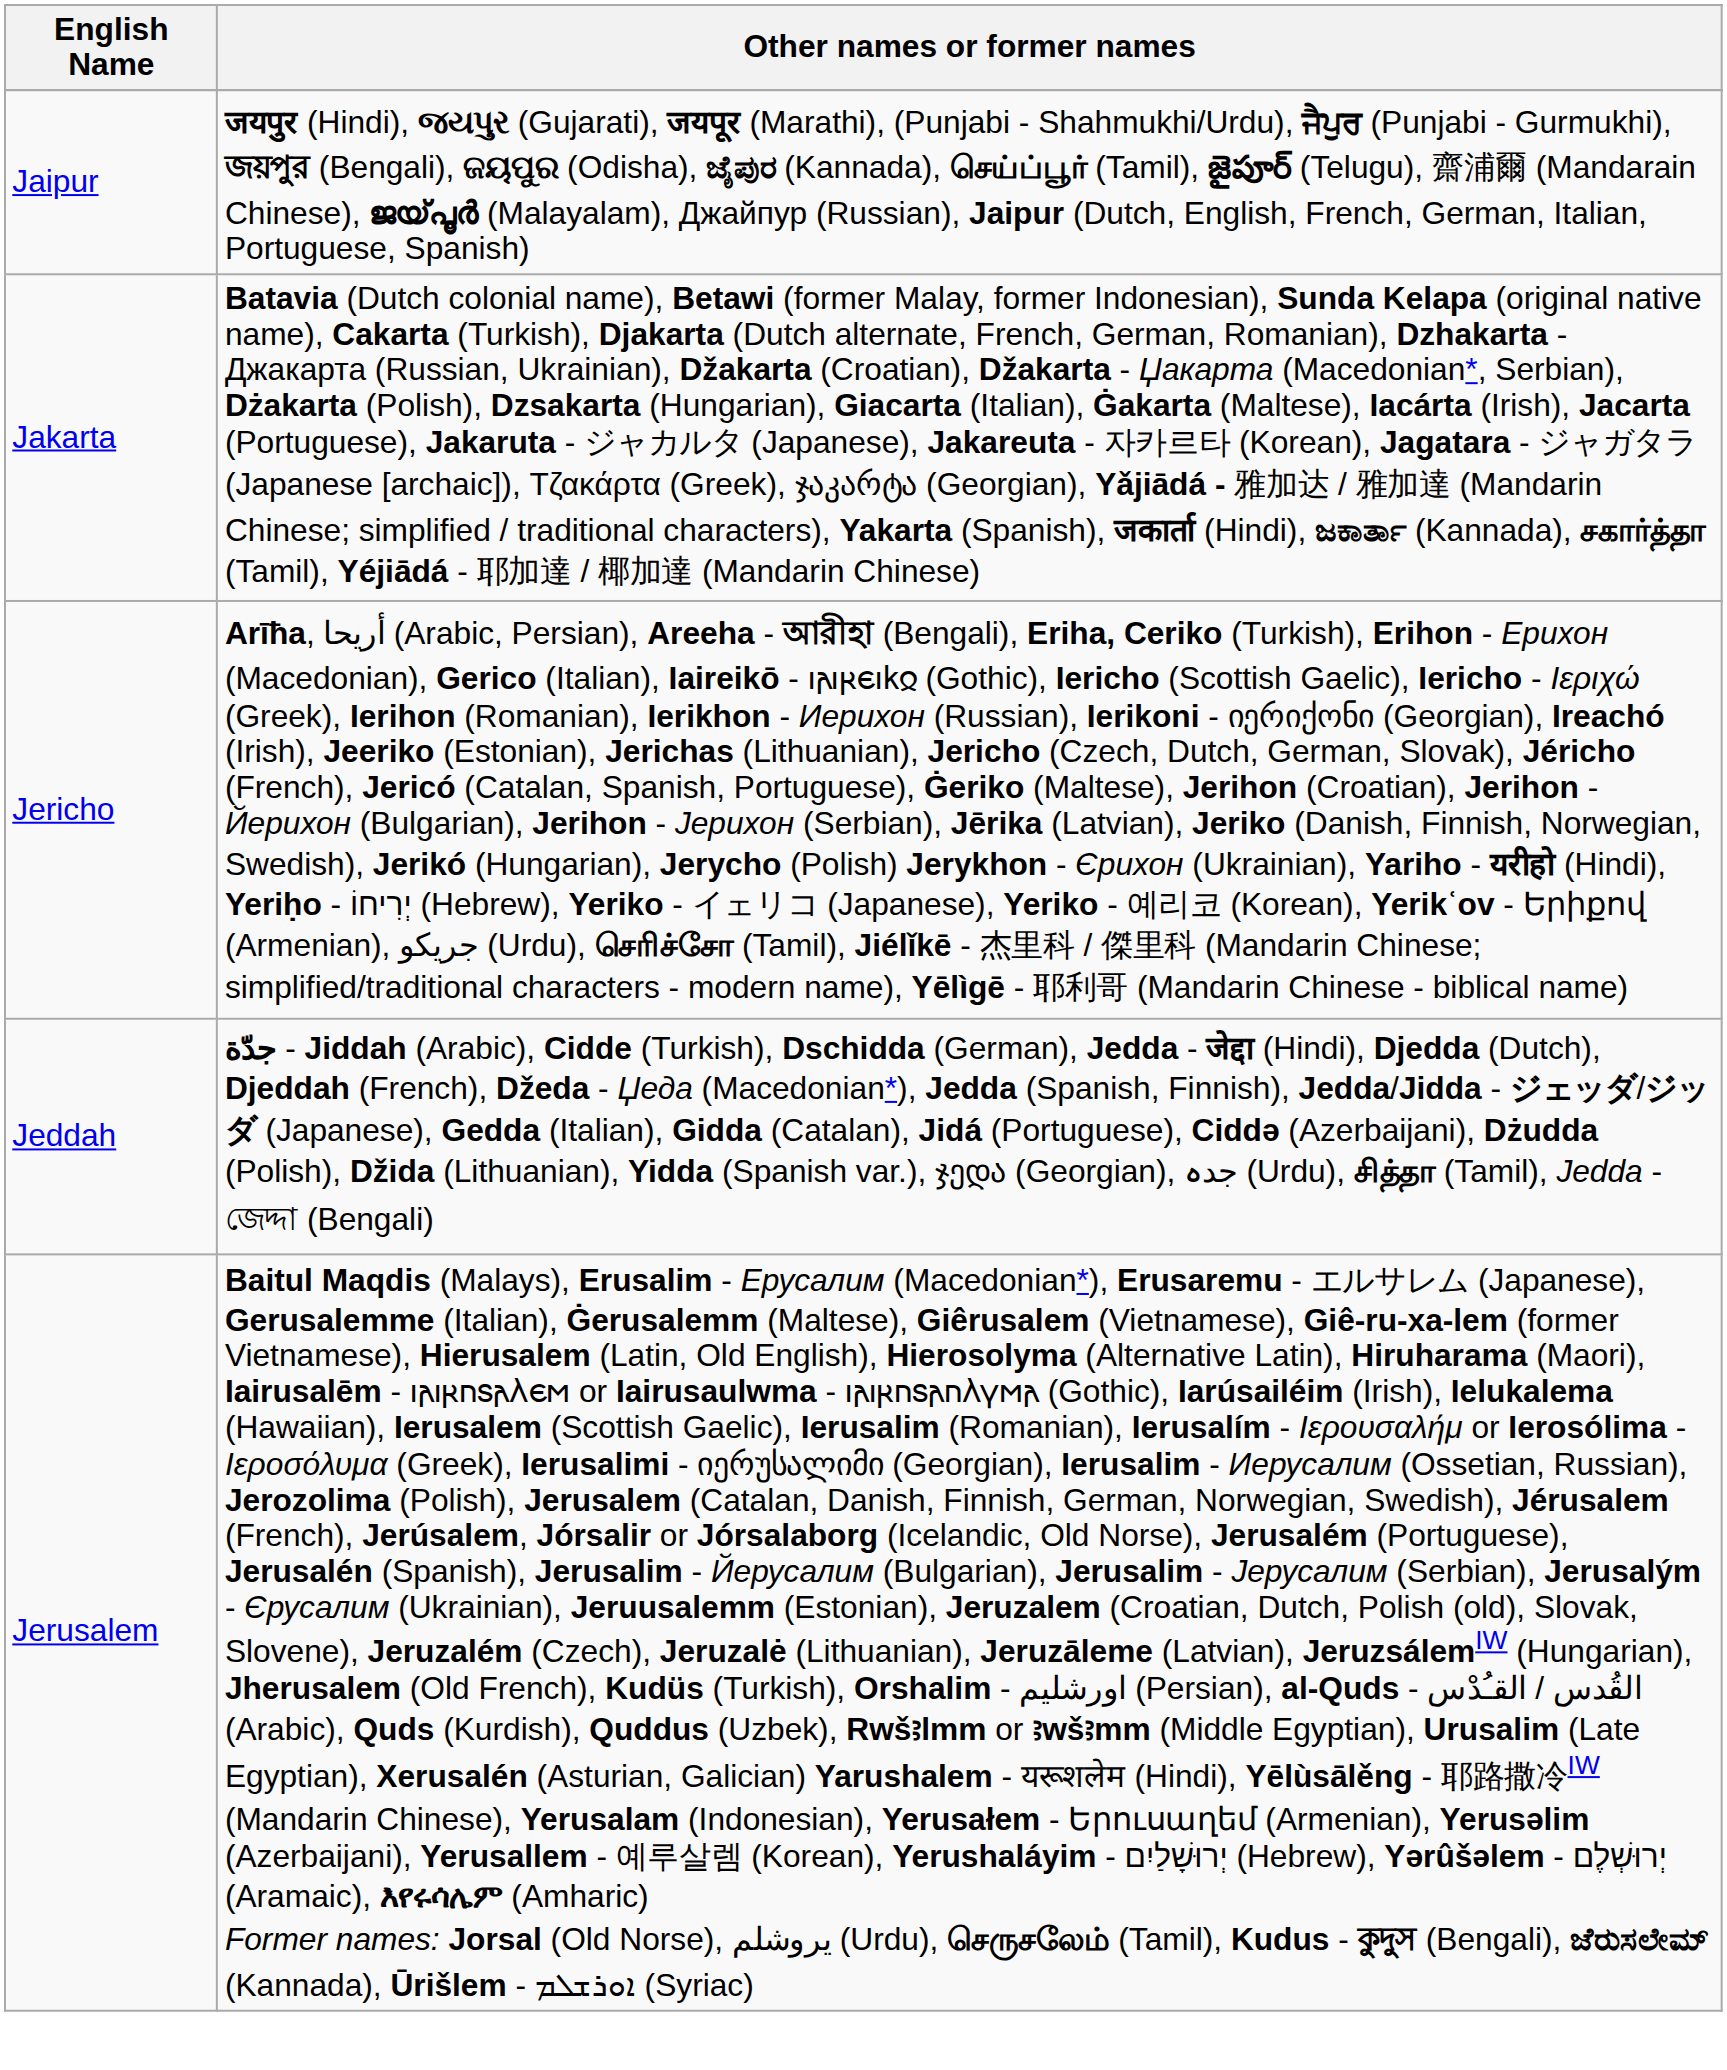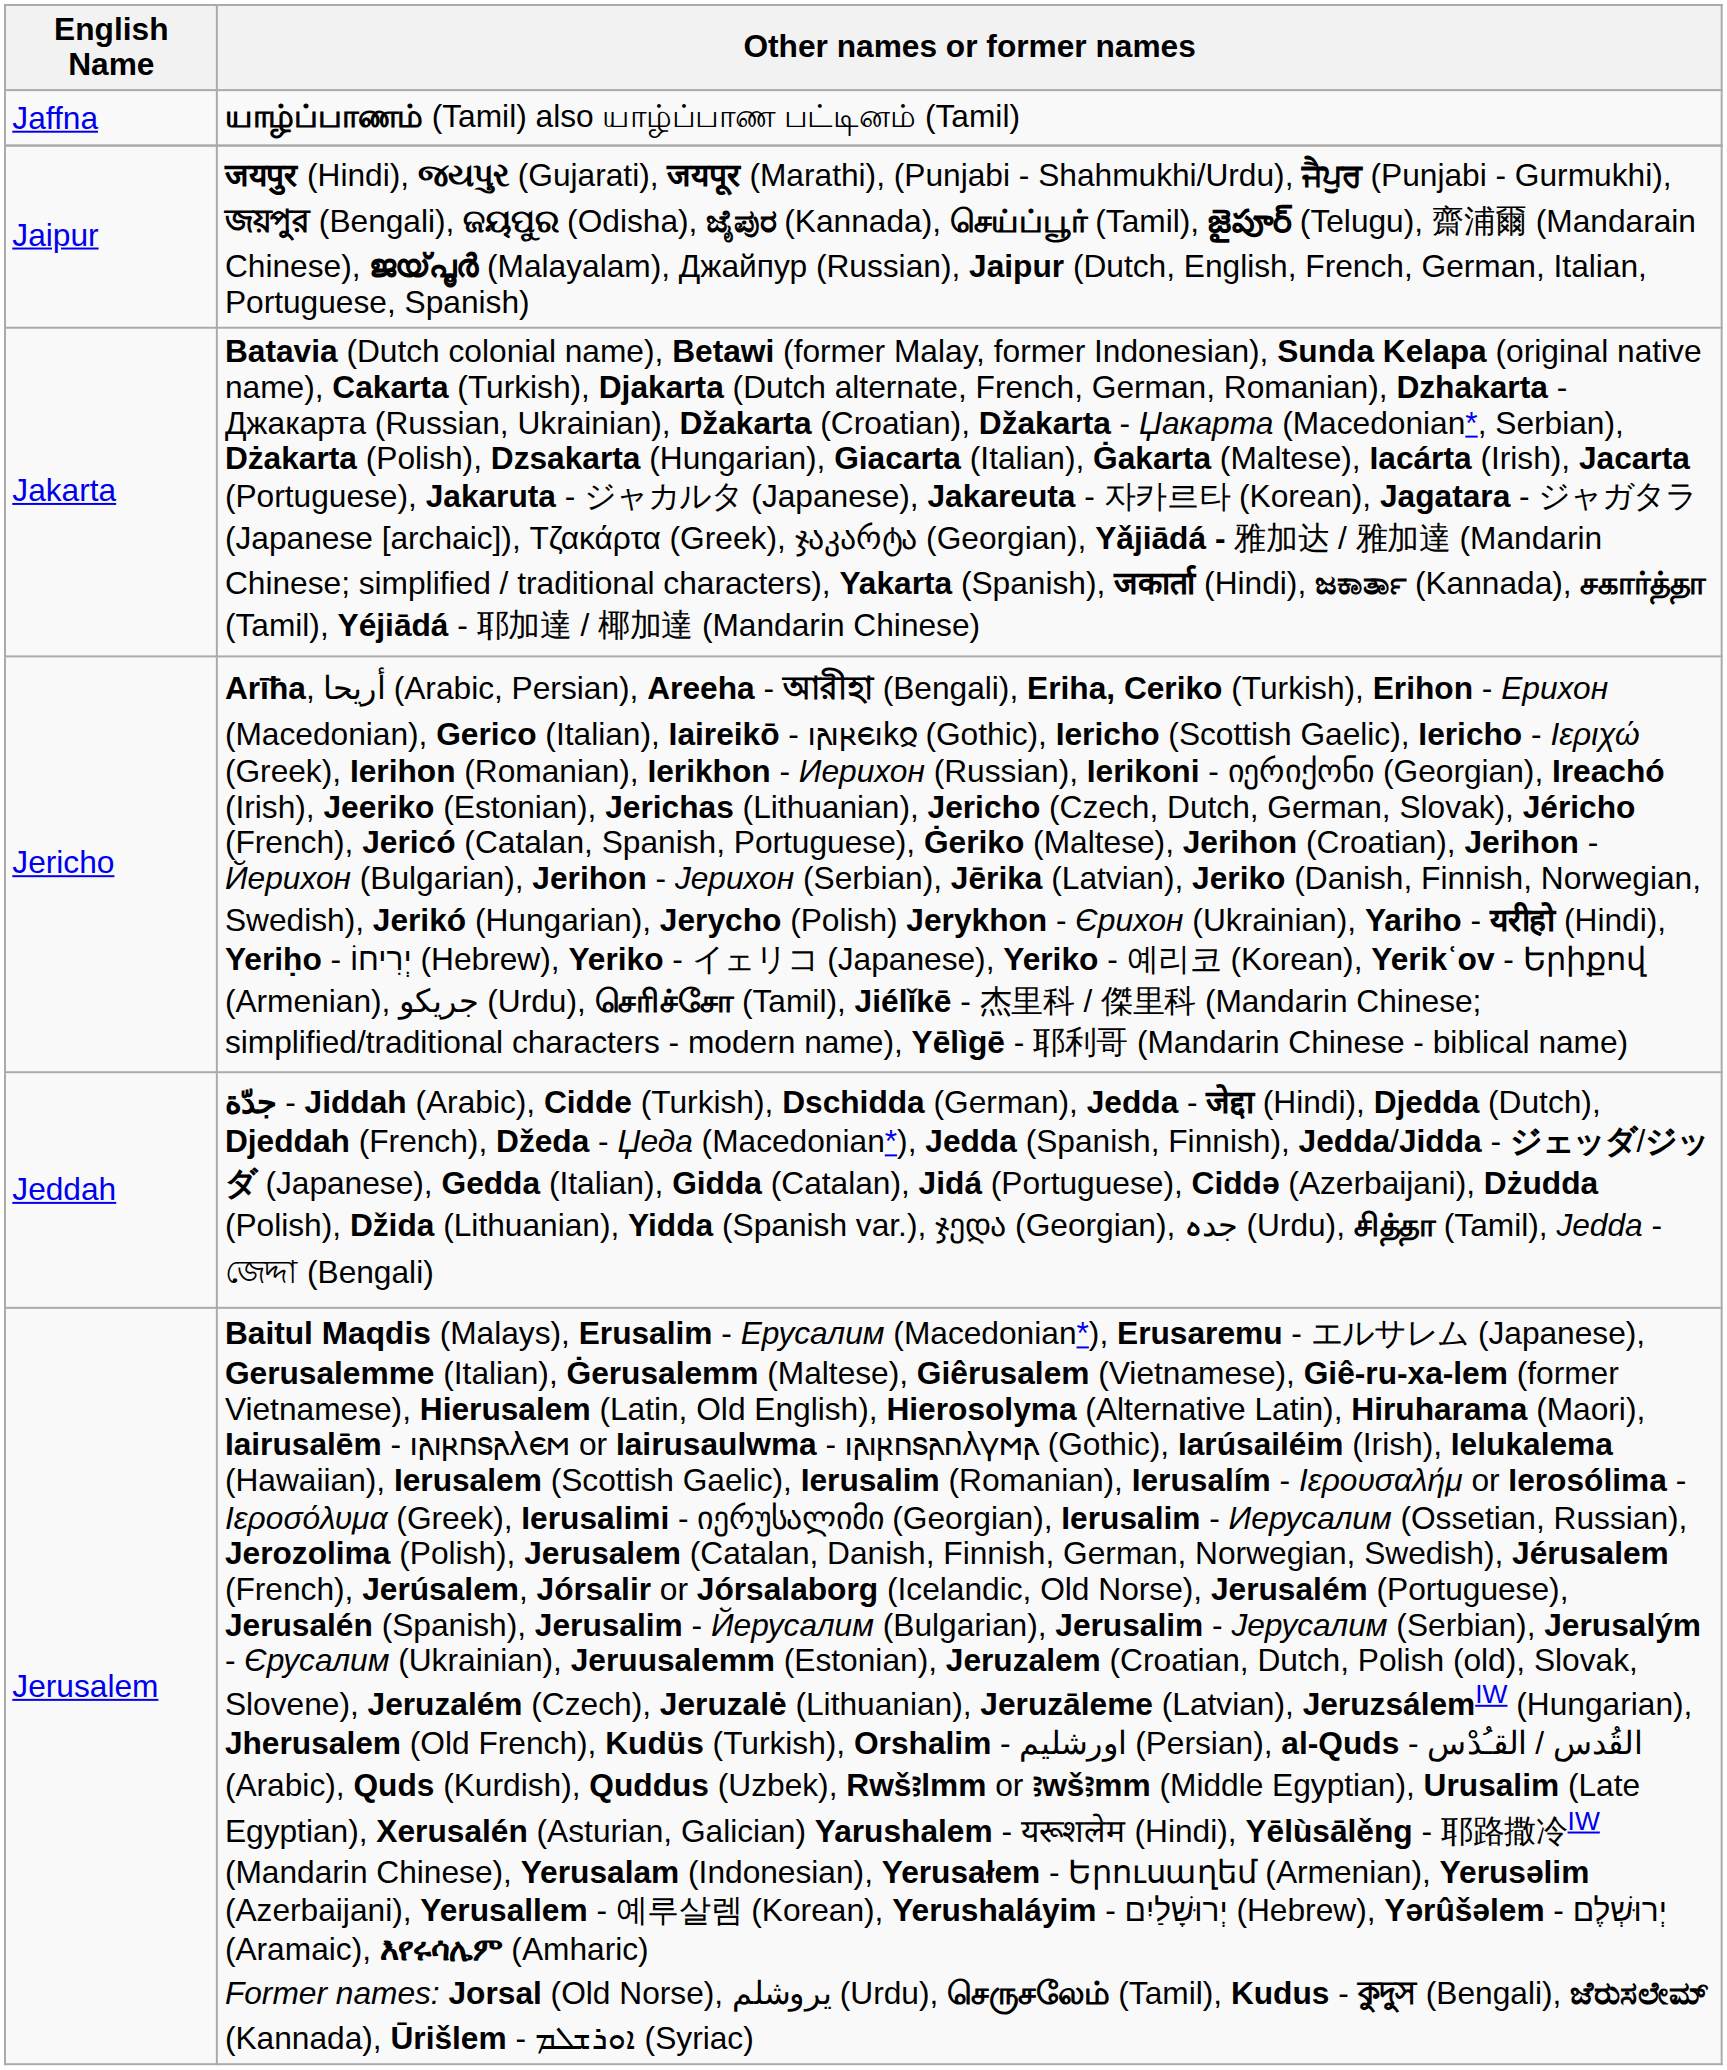 <table class="wikitable">
 <tr>
 <th style="width:100px;">English Name</th>
 <th>Other names or former names</th>
+</tr>
+<tr>
+<td> <a href='#'>Jaffna</a></td>
+<td><strong>யாழ்ப்பாணம்</strong> (Tamil) also யாழ்ப்பாண பட்டினம் (Tamil)</td>
 </tr>
 <tr>
 </tr>
 <tr>
 <td> <a href='#'>Jaipur</a></td>
 <td><strong>जयपुर</strong> (Hindi), <strong>જયપુર</strong> (Gujarati), <strong>जयपूर</strong> (Marathi),  (Punjabi - Shahmukhi/Urdu), <strong>ਜੈਪੁਰ</strong> (Punjabi - Gurmukhi), <strong>জয়পুর</strong> (Bengali), <strong>ଜୟପୁର</strong> (Odisha), <strong>ಜೈಪುರ</strong> (Kannada), <strong>செய்ப்பூர்</strong> (Tamil), <strong>జైపూర్</strong> (Telugu), 齋浦爾 (Mandarain Chinese), <strong>ജയ്‌പൂർ</strong> (Malayalam), Джайпур (Russian), <strong>Jaipur</strong> (Dutch, English, French, German, Italian, Portuguese, Spanish)</td>
 </tr>
 <tr>
 <td> <a href='#'>Jakarta</a></td>
 <td><strong>Batavia</strong> (Dutch colonial name), <strong>Betawi</strong> (former Malay, former Indonesian), <strong>Sunda Kelapa</strong> (original native name), <strong>Cakarta</strong> (Turkish), <strong>Djakarta</strong> (Dutch alternate, French, German, Romanian), <strong>Dzhakarta</strong> - Джакарта (Russian, Ukrainian), <strong>Džakarta</strong> (Croatian), <strong>Džakarta</strong> - <em>Џакарта</em> (Macedonian<a href='#'>*</a>, Serbian), <strong>Dżakarta</strong> (Polish), <strong>Dzsakarta</strong> (Hungarian), <strong>Giacarta</strong> (Italian), <strong>Ġakarta</strong> (Maltese), <strong>Iacárta</strong> (Irish), <strong>Jacarta</strong> (Portuguese), <strong>Jakaruta</strong> - ジャカルタ (Japanese), <strong>Jakareuta</strong> - 자카르타 (Korean), <strong>Jagatara</strong> - ジャガタラ (Japanese [archaic]), Τζακάρτα (Greek), ჯაკარტა (Georgian), <strong>Yǎjiādá -</strong> 雅加达 / 雅加達 (Mandarin Chinese; simplified / traditional characters), <strong>Yakarta</strong> (Spanish), <strong>जकार्ता</strong> (Hindi), <strong>ಜಕಾರ್ತಾ</strong> (Kannada), <strong>சகார்த்தா</strong> (Tamil), <strong>Yéjiādá</strong> - 耶加達 / 椰加達 (Mandarin Chinese)<br></td>
 </tr>
 <tr>
 <td> <a href='#'>Jericho</a></td>
 <td><strong>Arīħa</strong>, أريحا (Arabic, Persian), <strong>Areeha</strong> - <strong>আরীহা</strong> (Bengali), <strong>Eriha, Ceriko</strong> (Turkish), <strong>Erihon</strong> - <em>Ерихон</em> (Macedonian), <strong>Gerico</strong> (Italian), <strong>Iaireikō</strong> -  𐌹𐌰𐌹𐍂𐌴𐌹𐌺𐍉 (Gothic), <strong>Iericho</strong> (Scottish Gaelic), <strong>Iericho</strong> - <em>Ιεριχώ</em> (Greek), <strong>Ierihon</strong> (Romanian), <strong>Ierikhon</strong> - <em>Иерихон</em> (Russian), <strong>Ierikoni</strong> - იერიქონი (Georgian), <strong>Ireachó</strong> (Irish), <strong>Jeeriko</strong> (Estonian), <strong>Jerichas</strong> (Lithuanian), <strong>Jericho</strong> (Czech, Dutch, German, Slovak), <strong>Jéricho</strong> (French), <strong>Jericó</strong> (Catalan, Spanish, Portuguese), <strong>Ġeriko</strong> (Maltese), <strong>Jerihon</strong> (Croatian), <strong>Jerihon</strong> - <em>Йерихон</em> (Bulgarian), <strong>Jerihon</strong> - <em> Јерихон</em> (Serbian), <strong>Jērika</strong> (Latvian), <strong>Jeriko</strong> (Danish, Finnish, Norwegian, Swedish), <strong>Jerikó</strong> (Hungarian), <strong>Jerycho</strong> (Polish)  <strong>Jerykhon</strong> - <em>Єрихон</em> (Ukrainian), <strong>Yariho</strong> - <strong>यरीहो</strong> (Hindi), <strong>Yeriḥo</strong> - יְרִיחוֹ (Hebrew), <strong>Yeriko</strong> - イェリコ (Japanese), <strong>Yeriko</strong> - 예리코 (Korean), <strong>Yerikʿov</strong> - Երիքով (Armenian), جریکو (Urdu), <strong>செரிச்சோ</strong> (Tamil), <strong>Jiélǐkē</strong> - 杰里科 / 傑里科 (Mandarin Chinese; simplified/traditional characters - modern name), <strong>Yēlìgē</strong> - 耶利哥 (Mandarin Chinese - biblical name)</td>
 </tr>
 <tr>
 <td> <a href='#'>Jeddah</a></td>
 <td><strong>جدّة</strong> - <strong>Jiddah</strong> (Arabic), <strong>Cidde</strong> (Turkish), <strong>Dschidda</strong> (German), <strong>Jedda</strong> - <strong>जेद्दा</strong> (Hindi), <strong>Djedda</strong> (Dutch), <strong>Djeddah</strong> (French), <strong>Džeda</strong> - <em>Џеда</em> (Macedonian<a href='#'>*</a>), <strong>Jedda</strong> (Spanish, Finnish), <strong>Jedda</strong>/<strong>Jidda</strong> - <strong>ジェッダ</strong>/<strong>ジッダ</strong> (Japanese), <strong>Gedda</strong> (Italian), <strong>Gidda</strong> (Catalan), <strong>Jidá</strong> (Portuguese), <strong>Ciddə</strong> (Azerbaijani), <strong>Dżudda</strong> (Polish), <strong>Džida</strong> (Lithuanian), <strong>Yidda</strong> (Spanish var.), ჯედა (Georgian), جدہ (Urdu), <strong>சித்தா</strong> (Tamil), <em>Jedda</em> - জেদ্দা (Bengali)</td>
 </tr>
 <tr>
 <td> <a href='#'>Jerusalem</a></td>
 <td><strong>Baitul Maqdis</strong> (Malays), <strong>Erusalim</strong> - <em>Ерусалим</em> (Macedonian<a href='#'>*</a>), <strong>Erusaremu</strong> - エルサレム (Japanese), <strong>Gerusalemme</strong> (Italian), <strong>Ġerusalemm</strong> (Maltese), <strong>Giêrusalem</strong> (Vietnamese), <strong>Giê-ru-xa-lem</strong> (former Vietnamese), <strong>Hierusalem</strong> (Latin, Old English), <strong>Hierosolyma</strong> (Alternative Latin), <strong>Hiruharama</strong> (Maori), <strong>Iairusalēm</strong> - 𐌹𐌰𐌹𐍂𐌿𐍃𐌰𐌻𐌴𐌼 or <strong>Iairusaulwma</strong> - 𐌹𐌰𐌹𐍂𐌿𐍃𐌰𐌿𐌻𐍅𐌼𐌰  (Gothic), <strong>Iarúsailéim</strong> (Irish), <strong>Ielukalema</strong> (Hawaiian), <strong>Ierusalem</strong> (Scottish Gaelic), <strong>Ierusalim</strong> (Romanian), <strong>Ierusalím</strong> - <em>Ιερουσαλήμ</em> or <strong>Ierosólima</strong> - <em>Ιεροσόλυμα</em> (Greek), <strong>Ierusalimi</strong> - იერუსალიმი (Georgian), <strong>Ierusalim</strong> - <em>Иерусалим</em> (Ossetian, Russian), <strong>Jerozolima</strong> (Polish), <strong>Jerusalem</strong> (Catalan, Danish, Finnish, German, Norwegian, Swedish), <strong>Jérusalem</strong> (French), <strong>Jerúsalem</strong>, <strong>Jórsalir</strong> or <strong>Jórsalaborg</strong> (Icelandic, Old Norse), <strong>Jerusalém</strong> (Portuguese), <strong>Jerusalén</strong> (Spanish), <strong>Jerusalim</strong> -  <em>Йерусалим</em> (Bulgarian), <strong>Jerusalim</strong> - <em>Јерусалим</em> (Serbian), <strong>Jerusalým</strong> - <em>Єрусалим</em> (Ukrainian), <strong>Jeruusalemm</strong> (Estonian), <strong>Jeruzalem</strong> (Croatian, Dutch, Polish (old), Slovak, Slovene), <strong>Jeruzalém</strong> (Czech), <strong>Jeruzalė</strong> (Lithuanian), <strong>Jeruzāleme</strong> (Latvian), <strong>Jeruzsálem</strong><sup><a href='#'>IW</a></sup> (Hungarian), <strong>Jherusalem</strong> (Old French), <strong>Kudüs</strong> (Turkish), <strong>Orshalim</strong> - اورشلیم (Persian), <strong>al-Quds</strong> - القُدس / القـُدْس (Arabic), <strong>Quds</strong> (Kurdish), <strong>Quddus</strong> (Uzbek), <strong>Rwšꜣlmm</strong> or  <strong>ꜣwšꜣmm</strong> (Middle Egyptian), <strong>Urusalim</strong> (Late Egyptian), <strong>Xerusalén</strong> (Asturian, Galician) <strong>Yarushalem</strong> - यरूशलेम (Hindi), <strong>Yēlùsālěng</strong> - 耶路撒冷<sup><a href='#'>IW</a></sup> (Mandarin Chinese), <strong>Yerusalam</strong> (Indonesian), <strong>Yerusałem</strong> - Երուսաղեմ (Armenian), <strong>Yerusəlim</strong> (Azerbaijani), <strong>Yerusallem</strong> - 예루살렘 (Korean), <strong>Yerushaláyim</strong> - יְרוּשָׁלַיִם (Hebrew), <strong>Yərûšəlem</strong> - יְרוּשְׁלֶם (Aramaic), <strong>እየሩሳሌም</strong> (Amharic)<br><em>Former names:</em> <strong>Jorsal</strong> (Old Norse), یروشلم (Urdu), <strong>செருசலேம்</strong> (Tamil), <strong>Kudus</strong> - <strong>কুদুস</strong> (Bengali), <strong>ಜೆರುಸಲೇಮ್</strong> (Kannada), <strong>Ūrišlem</strong> - ܐܘܪܫܠܡ (Syriac)<br></td>
 </tr>
 </table>
